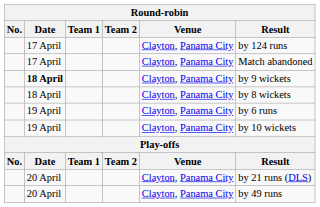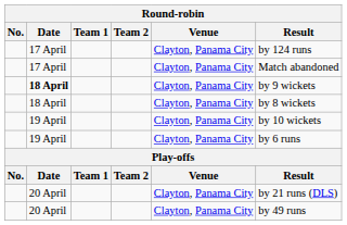 <table class="wikitable">
 <tr>
 <th colspan="6">Round-robin</th>
 </tr>
 <tr>
 <th>No.</th>
 <th>Date</th>
 <th>Team 1</th>
 <th>Team 2</th>
 <th>Venue</th>
 <th>Result</th>
 </tr>
 <tr>
 <td></td>
 <td>17 April</td>
 <td></td>
 <td></td>
 <td><a href='#'>Clayton</a>, <a href='#'>Panama City</a></td>
 <td> by 124 runs</td>
 </tr>
 <tr>
 <td></td>
 <td>17 April</td>
 <td></td>
 <td></td>
 <td><a href='#'>Clayton</a>, <a href='#'>Panama City</a></td>
 <td>Match abandoned</td>
 </tr>
 <tr>
 <td></td>
 <td><strong>18 April</strong></td>
 <td></td>
 <td></td>
 <td><a href='#'>Clayton</a>, <a href='#'>Panama City</a></td>
 <td> by 9 wickets</td>
 </tr>
 <tr>
 <td></td>
 <td>18 April</td>
 <td></td>
 <td></td>
 <td><a href='#'>Clayton</a>, <a href='#'>Panama City</a></td>
 <td> by 8 wickets</td>
 </tr>
 <tr>
 <td></td>
 <td>19 April</td>
 <td></td>
 <td></td>
 <td><a href='#'>Clayton</a>, <a href='#'>Panama City</a></td>
-<td> by 6 runs</td>
+<td> by 10 wickets</td>
 </tr>
 <tr>
 <td></td>
 <td>19 April</td>
 <td></td>
 <td></td>
 <td><a href='#'>Clayton</a>, <a href='#'>Panama City</a></td>
-<td> by 10 wickets</td>
+<td> by 6 runs</td>
 </tr>
 <tr>
 <th colspan="6">Play-offs</th>
 </tr>
 <tr>
 <th>No.</th>
 <th>Date</th>
 <th>Team 1</th>
 <th>Team 2</th>
 <th>Venue</th>
 <th>Result</th>
 </tr>
 <tr>
 <td></td>
 <td>20 April</td>
 <td></td>
 <td></td>
 <td><a href='#'>Clayton</a>, <a href='#'>Panama City</a></td>
 <td> by 21 runs (<a href='#'>DLS</a>)</td>
 </tr>
 <tr>
 <td></td>
 <td>20 April</td>
 <td></td>
 <td></td>
 <td><a href='#'>Clayton</a>, <a href='#'>Panama City</a></td>
 <td> by 49 runs</td>
 </tr>
 </table>
